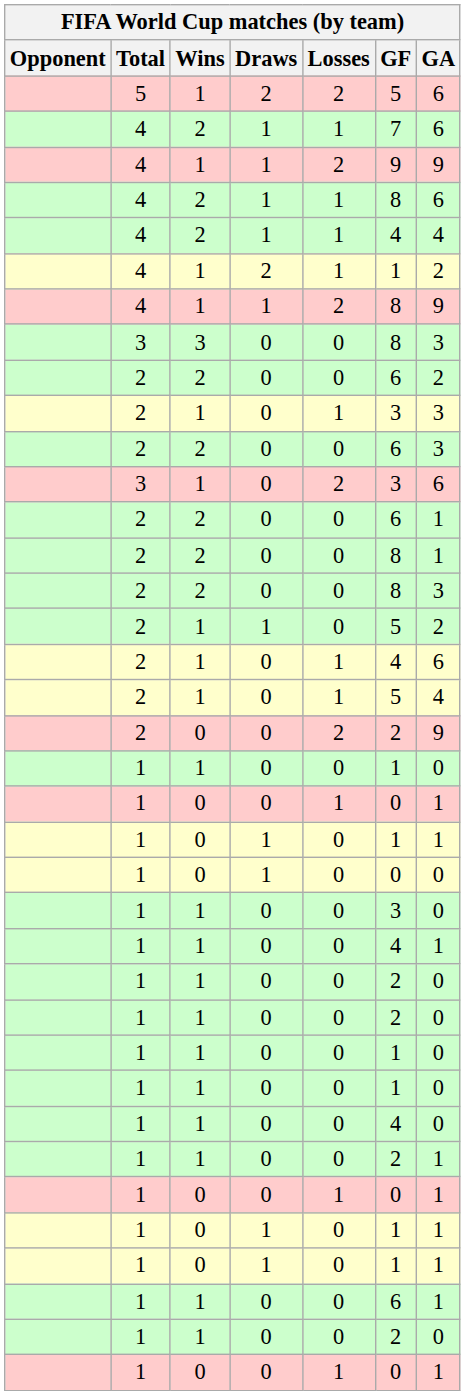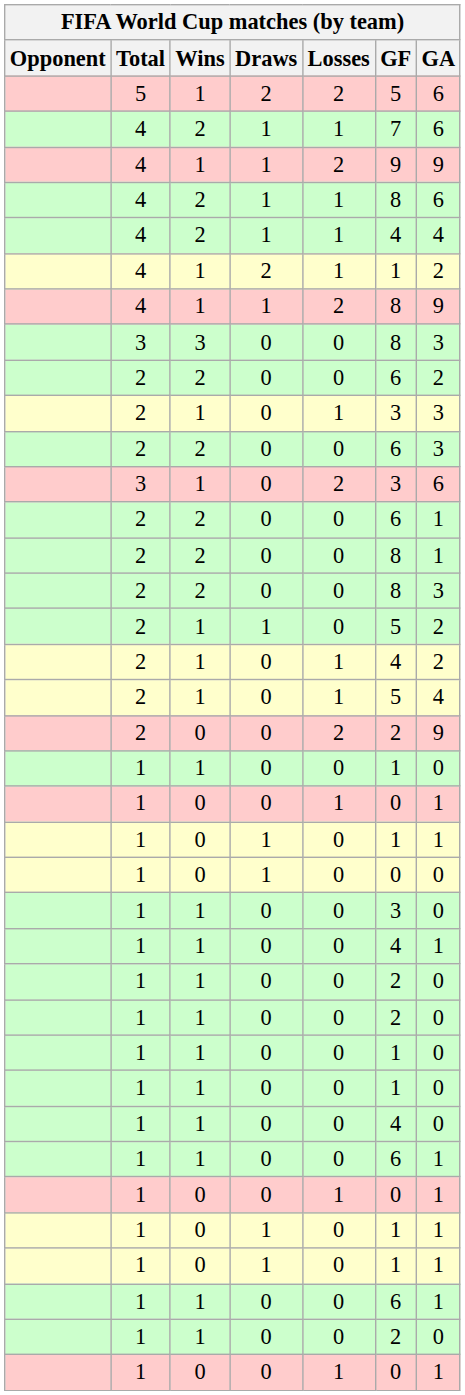 <table class="wikitable sortable" style="text-align: center;">
 <tr>
 <th colspan=7>FIFA World Cup matches (by team)</th>
 </tr>
 <tr>
 <th>Opponent</th>
 <th>Total</th>
 <th>Wins</th>
 <th>Draws</th>
 <th>Losses</th>
 <th>GF</th>
 <th>GA</th>
 </tr>
 <tr bgcolor=#FFCCCC>
 <td align="left"></td>
 <td>5</td>
 <td>1</td>
 <td>2</td>
 <td>2</td>
 <td>5</td>
 <td>6</td>
 </tr>
 <tr bgcolor=#CCFFCC>
 <td align="left"></td>
 <td>4</td>
 <td>2</td>
 <td>1</td>
 <td>1</td>
 <td>7</td>
 <td>6</td>
 </tr>
 <tr bgcolor=#FFCCCC>
 <td align="left"></td>
 <td>4</td>
 <td>1</td>
 <td>1</td>
 <td>2</td>
 <td>9</td>
 <td>9</td>
 </tr>
 <tr bgcolor=#CCFFCC>
 <td align="left"></td>
 <td>4</td>
 <td>2</td>
 <td>1</td>
 <td>1</td>
 <td>8</td>
 <td>6</td>
 </tr>
 <tr bgcolor=#CCFFCC>
 <td align="left"></td>
 <td>4</td>
 <td>2</td>
 <td>1</td>
 <td>1</td>
 <td>4</td>
 <td>4</td>
 </tr>
 <tr bgcolor=#FFFFCC>
 <td align="left"></td>
 <td>4</td>
 <td>1</td>
 <td>2</td>
 <td>1</td>
 <td>1</td>
 <td>2</td>
 </tr>
 <tr bgcolor=#FFCCCC>
 <td align="left"></td>
 <td>4</td>
 <td>1</td>
 <td>1</td>
 <td>2</td>
 <td>8</td>
 <td>9</td>
 </tr>
 <tr bgcolor=#CCFFCC>
 <td align="left"></td>
 <td>3</td>
 <td>3</td>
 <td>0</td>
 <td>0</td>
 <td>8</td>
 <td>3</td>
 </tr>
 <tr bgcolor=#CCFFCC>
 <td align="left"></td>
 <td>2</td>
 <td>2</td>
 <td>0</td>
 <td>0</td>
 <td>6</td>
 <td>2</td>
 </tr>
 <tr bgcolor=#FFFFCC>
 <td align="left"></td>
 <td>2</td>
 <td>1</td>
 <td>0</td>
 <td>1</td>
 <td>3</td>
 <td>3</td>
 </tr>
 <tr bgcolor=#CCFFCC>
 <td align="left"></td>
 <td>2</td>
 <td>2</td>
 <td>0</td>
 <td>0</td>
 <td>6</td>
 <td>3</td>
 </tr>
 <tr bgcolor=#FFCCCC>
 <td align="left"></td>
 <td>3</td>
 <td>1</td>
 <td>0</td>
 <td>2</td>
 <td>3</td>
 <td>6</td>
 </tr>
 <tr bgcolor=#CCFFCC>
 <td align="left"></td>
 <td>2</td>
 <td>2</td>
 <td>0</td>
 <td>0</td>
 <td>6</td>
 <td>1</td>
 </tr>
 <tr bgcolor=#CCFFCC>
 <td align="left"></td>
 <td>2</td>
 <td>2</td>
 <td>0</td>
 <td>0</td>
 <td>8</td>
 <td>1</td>
 </tr>
 <tr bgcolor=#CCFFCC>
 <td align="left"></td>
 <td>2</td>
 <td>2</td>
 <td>0</td>
 <td>0</td>
 <td>8</td>
 <td>3</td>
 </tr>
 <tr bgcolor=#CCFFCC>
 <td align="left"></td>
 <td>2</td>
 <td>1</td>
 <td>1</td>
 <td>0</td>
 <td>5</td>
 <td>2</td>
 </tr>
 <tr bgcolor=#FFFFCC>
 <td align="left"></td>
 <td>2</td>
 <td>1</td>
 <td>0</td>
 <td>1</td>
 <td>4</td>
-<td>6</td>
+<td>2</td>
 </tr>
 <tr bgcolor=#FFFFCC>
 <td align="left"></td>
 <td>2</td>
 <td>1</td>
 <td>0</td>
 <td>1</td>
 <td>5</td>
 <td>4</td>
 </tr>
 <tr bgcolor=#FFCCCC>
 <td align="left"></td>
 <td>2</td>
 <td>0</td>
 <td>0</td>
 <td>2</td>
 <td>2</td>
 <td>9</td>
 </tr>
 <tr bgcolor=#CCFFCC>
 <td align="left"></td>
 <td>1</td>
 <td>1</td>
 <td>0</td>
 <td>0</td>
 <td>1</td>
 <td>0</td>
 </tr>
 <tr bgcolor=#FFCCCC>
 <td align="left"></td>
 <td>1</td>
 <td>0</td>
 <td>0</td>
 <td>1</td>
 <td>0</td>
 <td>1</td>
 </tr>
 <tr bgcolor=#FFFFCC>
 <td align="left"></td>
 <td>1</td>
 <td>0</td>
 <td>1</td>
 <td>0</td>
 <td>1</td>
 <td>1</td>
 </tr>
 <tr bgcolor=#FFFFCC>
 <td align="left"></td>
 <td>1</td>
 <td>0</td>
 <td>1</td>
 <td>0</td>
 <td>0</td>
 <td>0</td>
 </tr>
 <tr bgcolor=#CCFFCC>
 <td align="left"></td>
 <td>1</td>
 <td>1</td>
 <td>0</td>
 <td>0</td>
 <td>3</td>
 <td>0</td>
 </tr>
 <tr bgcolor=#CCFFCC>
 <td align="left"></td>
 <td>1</td>
 <td>1</td>
 <td>0</td>
 <td>0</td>
 <td>4</td>
 <td>1</td>
 </tr>
 <tr bgcolor=#CCFFCC>
 <td align="left"></td>
 <td>1</td>
 <td>1</td>
 <td>0</td>
 <td>0</td>
 <td>2</td>
 <td>0</td>
 </tr>
 <tr bgcolor=#CCFFCC>
 <td align="left"></td>
 <td>1</td>
 <td>1</td>
 <td>0</td>
 <td>0</td>
 <td>2</td>
 <td>0</td>
 </tr>
 <tr bgcolor=#CCFFCC>
 <td align="left"></td>
 <td>1</td>
 <td>1</td>
 <td>0</td>
 <td>0</td>
 <td>1</td>
 <td>0</td>
 </tr>
 <tr bgcolor=#CCFFCC>
 <td align="left"></td>
 <td>1</td>
 <td>1</td>
 <td>0</td>
 <td>0</td>
 <td>1</td>
 <td>0</td>
 </tr>
 <tr bgcolor=#CCFFCC>
 <td align="left"></td>
 <td>1</td>
 <td>1</td>
 <td>0</td>
 <td>0</td>
 <td>4</td>
 <td>0</td>
 </tr>
 <tr bgcolor=#CCFFCC>
 <td align="left"></td>
 <td>1</td>
 <td>1</td>
 <td>0</td>
 <td>0</td>
-<td>2</td>
+<td>6</td>
 <td>1</td>
 </tr>
 <tr bgcolor=#FFCCCC>
 <td align="left"></td>
 <td>1</td>
 <td>0</td>
 <td>0</td>
 <td>1</td>
 <td>0</td>
 <td>1</td>
 </tr>
 <tr bgcolor=#FFFFCC>
 <td align="left"></td>
 <td>1</td>
 <td>0</td>
 <td>1</td>
 <td>0</td>
 <td>1</td>
 <td>1</td>
 </tr>
 <tr bgcolor=#FFFFCC>
 <td align="left"></td>
 <td>1</td>
 <td>0</td>
 <td>1</td>
 <td>0</td>
 <td>1</td>
 <td>1</td>
 </tr>
 <tr bgcolor=#CCFFCC>
 <td align="left"></td>
 <td>1</td>
 <td>1</td>
 <td>0</td>
 <td>0</td>
 <td>6</td>
 <td>1</td>
 </tr>
 <tr bgcolor=#CCFFCC>
 <td align="left"></td>
 <td>1</td>
 <td>1</td>
 <td>0</td>
 <td>0</td>
 <td>2</td>
 <td>0</td>
 </tr>
 <tr bgcolor=#FFCCCC>
 <td align="left"></td>
 <td>1</td>
 <td>0</td>
 <td>0</td>
 <td>1</td>
 <td>0</td>
 <td>1</td>
 </tr>
 </table>
